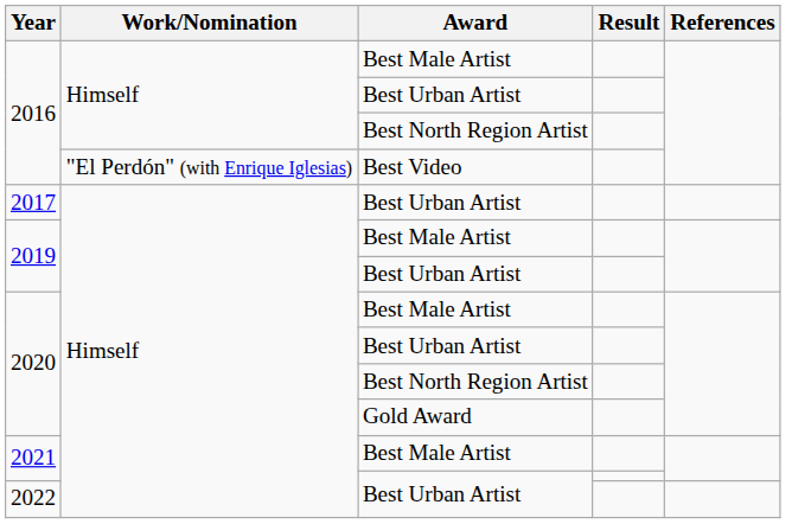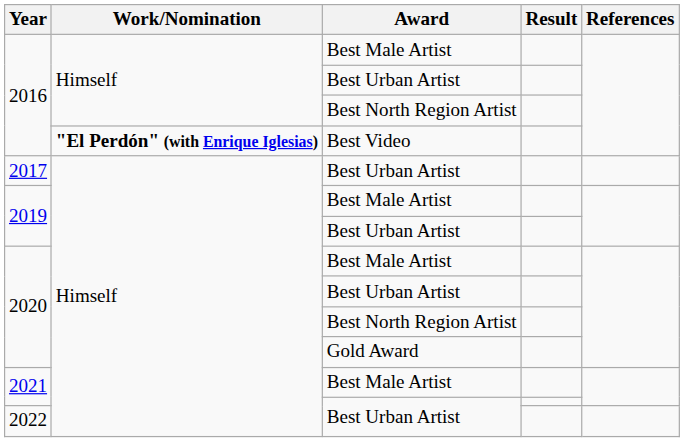 <table class="wikitable">
 <tr>
 <th>Year</th>
 <th>Work/Nomination</th>
 <th>Award</th>
 <th>Result</th>
 <th>References</th>
 </tr>
 <tr>
 <td rowspan="4">2016</td>
 <td rowspan="3">Himself</td>
 <td>Best Male Artist</td>
 <td></td>
 <td rowspan="4"></td>
 </tr>
 <tr>
 <td>Best Urban Artist</td>
 <td></td>
 </tr>
 <tr>
 <td>Best North Region Artist</td>
 <td></td>
 </tr>
 <tr>
-<td>"El Perdón" <small>(with <a href='#'>Enrique Iglesias</a>)</small></td>
+<td><strong>"El Perdón" <small>(with <a href='#'>Enrique Iglesias</a>)</small></strong></td>
 <td>Best Video</td>
 <td></td>
 </tr>
 <tr>
 <td><a href='#'>2017</a></td>
 <td rowspan="10">Himself</td>
 <td>Best Urban Artist</td>
 <td></td>
 <td></td>
 </tr>
 <tr>
 <td rowspan="2"><a href='#'>2019</a></td>
 <td>Best Male Artist</td>
 <td></td>
 <td rowspan="2"></td>
 </tr>
 <tr>
 <td>Best Urban Artist</td>
 <td></td>
 </tr>
 <tr>
 <td rowspan="4">2020</td>
 <td>Best Male Artist</td>
 <td></td>
 <td rowspan="4"></td>
 </tr>
 <tr>
 <td>Best Urban Artist</td>
 <td></td>
 </tr>
 <tr>
 <td>Best North Region Artist</td>
 <td></td>
 </tr>
 <tr>
 <td>Gold Award</td>
 <td></td>
 </tr>
 <tr>
 <td rowspan="2"><a href='#'>2021</a></td>
 <td>Best Male Artist</td>
 <td></td>
 <td rowspan="2"></td>
 </tr>
 <tr>
 <td rowspan="2">Best Urban Artist</td>
 <td></td>
 </tr>
 <tr>
 <td>2022</td>
 <td></td>
 <td></td>
 </tr>
 </table>
